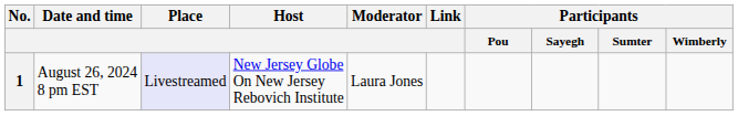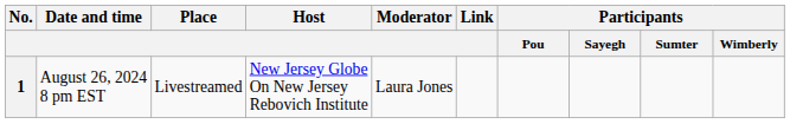 <table class="wikitable" text-align:center;">
 <tr>
 <th style="white-space:nowrap;">No.</th>
 <th>Date and time</th>
 <th>Place</th>
 <th>Host</th>
 <th>Moderator</th>
 <th>Link</th>
 <th colspan="4">Participants</th>
 </tr>
 <tr>
 <th colspan="6"><br></th>
 <th scope="col" style="width:4em;"><small>Pou</small></th>
 <th scope="col" style="width:4em;"><small>Sayegh</small></th>
 <th scope="col" style="width:4em;"><small>Sumter</small></th>
 <th scope="col" style="width:4em;"><small>Wimberly</small></th>
 </tr>
 <tr>
 <th>1</th>
 <td style="white-space:nowrap;">August 26, 2024<br>8 pm EST</td>
-<td style="background: lavender; white-space:nowrap;">Livestreamed</td>
+<td style="white-space:nowrap;">Livestreamed</td>
 <td style="white-space:nowrap;"><a href='#'>New Jersey Globe</a><br>On New Jersey<br>Rebovich Institute</td>
 <td style="white-space:nowrap;">Laura Jones</td>
 <td style="white-space:nowrap;"></td>
 <td></td>
 <td></td>
 <td></td>
 <td></td>
 </tr>
 </table>
